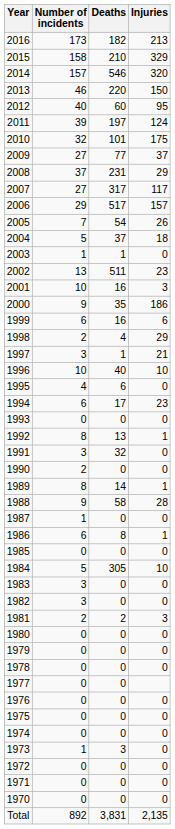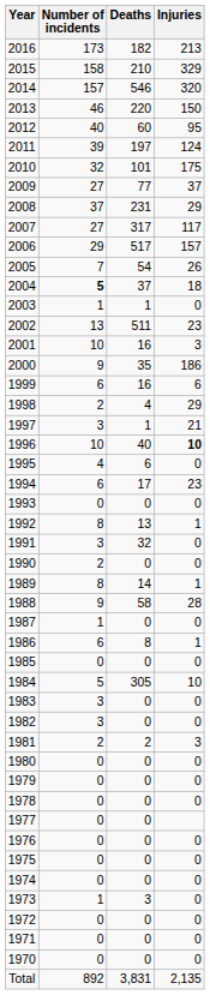 <table class="wikitable sortable collapsible" style="text-align:right">
 <tr style="background:#ececec; vertical-align:top;">
 <th>Year</th>
 <th>Number of<br>incidents</th>
 <th>Deaths</th>
 <th>Injuries</th>
 </tr>
 <tr>
 <td align=center>2016</td>
 <td>173</td>
 <td>182</td>
 <td>213</td>
 </tr>
 <tr>
 <td align=center>2015</td>
 <td>158</td>
 <td>210</td>
 <td>329</td>
 </tr>
 <tr>
 <td align=center>2014</td>
 <td>157</td>
 <td>546</td>
 <td>320</td>
 </tr>
 <tr>
 <td align=center>2013</td>
 <td>46</td>
 <td>220</td>
 <td>150</td>
 </tr>
 <tr>
 <td align=center>2012</td>
 <td>40</td>
 <td>60</td>
 <td>95</td>
 </tr>
 <tr>
 <td align=center>2011</td>
 <td>39</td>
 <td>197</td>
 <td>124</td>
 </tr>
 <tr>
 <td align=center>2010</td>
 <td>32</td>
 <td>101</td>
 <td>175</td>
 </tr>
 <tr>
 <td align=center>2009</td>
 <td>27</td>
 <td>77</td>
 <td>37</td>
 </tr>
 <tr>
 <td align=center>2008</td>
 <td>37</td>
 <td>231</td>
 <td>29</td>
 </tr>
 <tr>
 <td align=center>2007</td>
 <td>27</td>
 <td>317</td>
 <td>117</td>
 </tr>
 <tr>
 <td align=center>2006</td>
 <td>29</td>
 <td>517</td>
 <td>157</td>
 </tr>
 <tr>
 <td align=center>2005</td>
 <td>7</td>
 <td>54</td>
 <td>26</td>
 </tr>
 <tr>
 <td align=center>2004</td>
-<td>5</td>
+<td><strong>5</strong></td>
 <td>37</td>
 <td>18</td>
 </tr>
 <tr>
 <td align=center>2003</td>
 <td>1</td>
 <td>1</td>
 <td>0</td>
 </tr>
 <tr>
 <td align=center>2002</td>
 <td>13</td>
 <td>511</td>
 <td>23</td>
 </tr>
 <tr>
 <td align=center>2001</td>
 <td>10</td>
 <td>16</td>
 <td>3</td>
 </tr>
 <tr>
 <td align=center>2000</td>
 <td>9</td>
 <td>35</td>
 <td>186</td>
 </tr>
 <tr>
 <td align=center>1999</td>
 <td>6</td>
 <td>16</td>
 <td>6</td>
 </tr>
 <tr>
 <td align=center>1998</td>
 <td>2</td>
 <td>4</td>
 <td>29</td>
 </tr>
 <tr>
 <td align=center>1997</td>
 <td>3</td>
 <td>1</td>
 <td>21</td>
 </tr>
 <tr>
 <td align=center>1996</td>
 <td>10</td>
 <td>40</td>
-<td>10</td>
+<td><strong>10</strong></td>
 </tr>
 <tr>
 <td align=center>1995</td>
 <td>4</td>
 <td>6</td>
 <td>0</td>
 </tr>
 <tr>
 <td align=center>1994</td>
 <td>6</td>
 <td>17</td>
 <td>23</td>
 </tr>
 <tr>
 <td align=center>1993</td>
 <td>0</td>
 <td>0</td>
 <td>0</td>
 </tr>
 <tr>
 <td align=center>1992</td>
 <td>8</td>
 <td>13</td>
 <td>1</td>
 </tr>
 <tr>
 <td align=center>1991</td>
 <td>3</td>
 <td>32</td>
 <td>0</td>
 </tr>
 <tr>
 <td align=center>1990</td>
 <td>2</td>
 <td>0</td>
 <td>0</td>
 </tr>
 <tr>
 <td align=center>1989</td>
 <td>8</td>
 <td>14</td>
 <td>1</td>
 </tr>
 <tr>
 <td align=center>1988</td>
 <td>9</td>
 <td>58</td>
 <td>28</td>
 </tr>
 <tr>
 <td align=center>1987</td>
 <td>1</td>
 <td>0</td>
 <td>0</td>
 </tr>
 <tr>
 <td align=center>1986</td>
 <td>6</td>
 <td>8</td>
 <td>1</td>
 </tr>
 <tr>
 <td align=center>1985</td>
 <td>0</td>
 <td>0</td>
 <td>0</td>
 </tr>
 <tr>
 <td align=center>1984</td>
 <td>5</td>
 <td>305</td>
 <td>10</td>
 </tr>
 <tr>
 <td align=center>1983</td>
 <td>3</td>
 <td>0</td>
 <td>0</td>
 </tr>
 <tr>
 <td align=center>1982</td>
 <td>3</td>
 <td>0</td>
 <td>0</td>
 </tr>
 <tr>
 <td align=center>1981</td>
 <td>2</td>
 <td>2</td>
 <td>3</td>
 </tr>
 <tr>
 <td align=center>1980</td>
 <td>0</td>
 <td>0</td>
 <td>0</td>
 </tr>
 <tr>
 <td align=center>1979</td>
 <td>0</td>
 <td>0</td>
 <td>0</td>
 </tr>
 <tr>
 <td align=center>1978</td>
 <td>0</td>
 <td>0</td>
 <td>0</td>
 </tr>
 <tr>
 <td align=center>1977</td>
 <td>0</td>
 <td>0</td>
 <td></td>
 </tr>
 <tr>
 <td align=center>1976</td>
 <td>0</td>
 <td>0</td>
 <td>0</td>
 </tr>
 <tr>
 <td align=center>1975</td>
 <td>0</td>
 <td>0</td>
 <td>0</td>
 </tr>
 <tr>
 <td align=center>1974</td>
 <td>0</td>
 <td>0</td>
 <td>0</td>
 </tr>
 <tr>
 <td align=center>1973</td>
 <td>1</td>
 <td>3</td>
 <td>0</td>
 </tr>
 <tr>
 <td align=center>1972</td>
 <td>0</td>
 <td>0</td>
 <td>0</td>
 </tr>
 <tr>
 <td align=center>1971</td>
 <td>0</td>
 <td>0</td>
 <td>0</td>
 </tr>
 <tr>
 <td align=center>1970</td>
 <td>0</td>
 <td>0</td>
 <td>0</td>
 </tr>
 <tr>
 <td align=center>Total</td>
 <td>892</td>
 <td>3,831</td>
 <td>2,135</td>
 </tr>
 </table>
